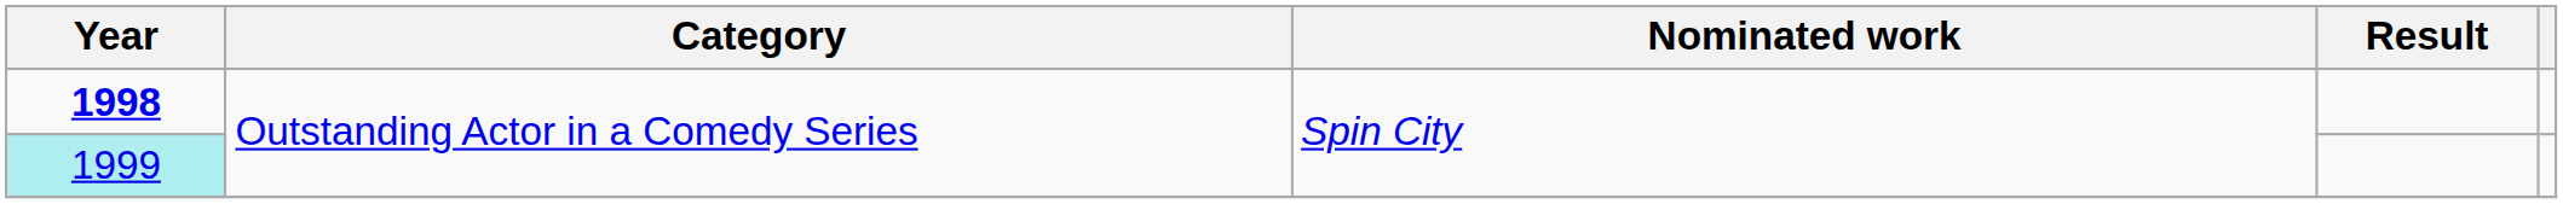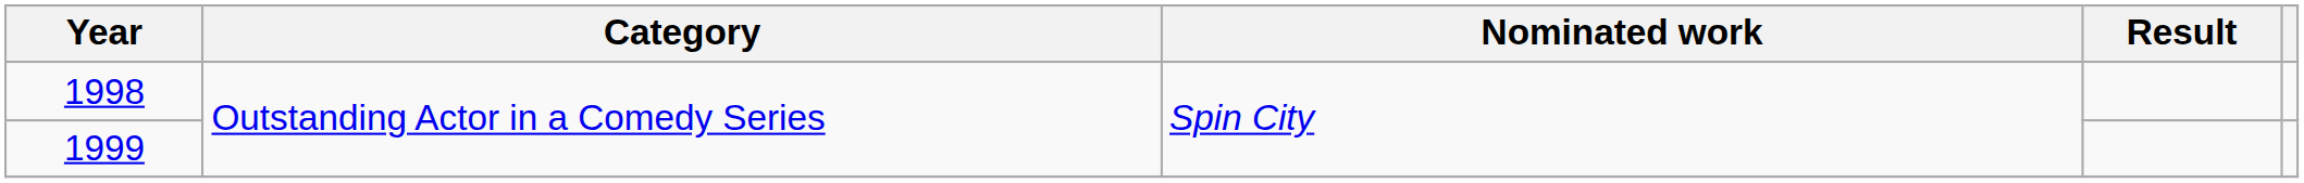 <table class=wikitable>
 <tr>
 <th scope="col" style="width:5em;">Year</th>
 <th scope="col" style="width:26em;">Category</th>
 <th scope="col" style="width:25em;">Nominated work</th>
 <th scope="col" style="width:5em;">Result</th>
 <th></th>
 </tr>
 <tr>
-<td style="text-align:center;"><strong><a href='#'>1998</a></strong></td>
+<td style="text-align:center;"><a href='#'>1998</a></td>
 <td rowspan=2><a href='#'>Outstanding Actor in a Comedy Series</a></td>
 <td rowspan=2><em><a href='#'>Spin City</a></em></td>
 <td></td>
 <td></td>
 </tr>
 <tr>
-<td style="background: paleturquoise; text-align:center;"><a href='#'>1999</a></td>
+<td style="text-align:center;"><a href='#'>1999</a></td>
 <td></td>
 <td></td>
 </tr>
 <tr>
 </tr>
 </table>
